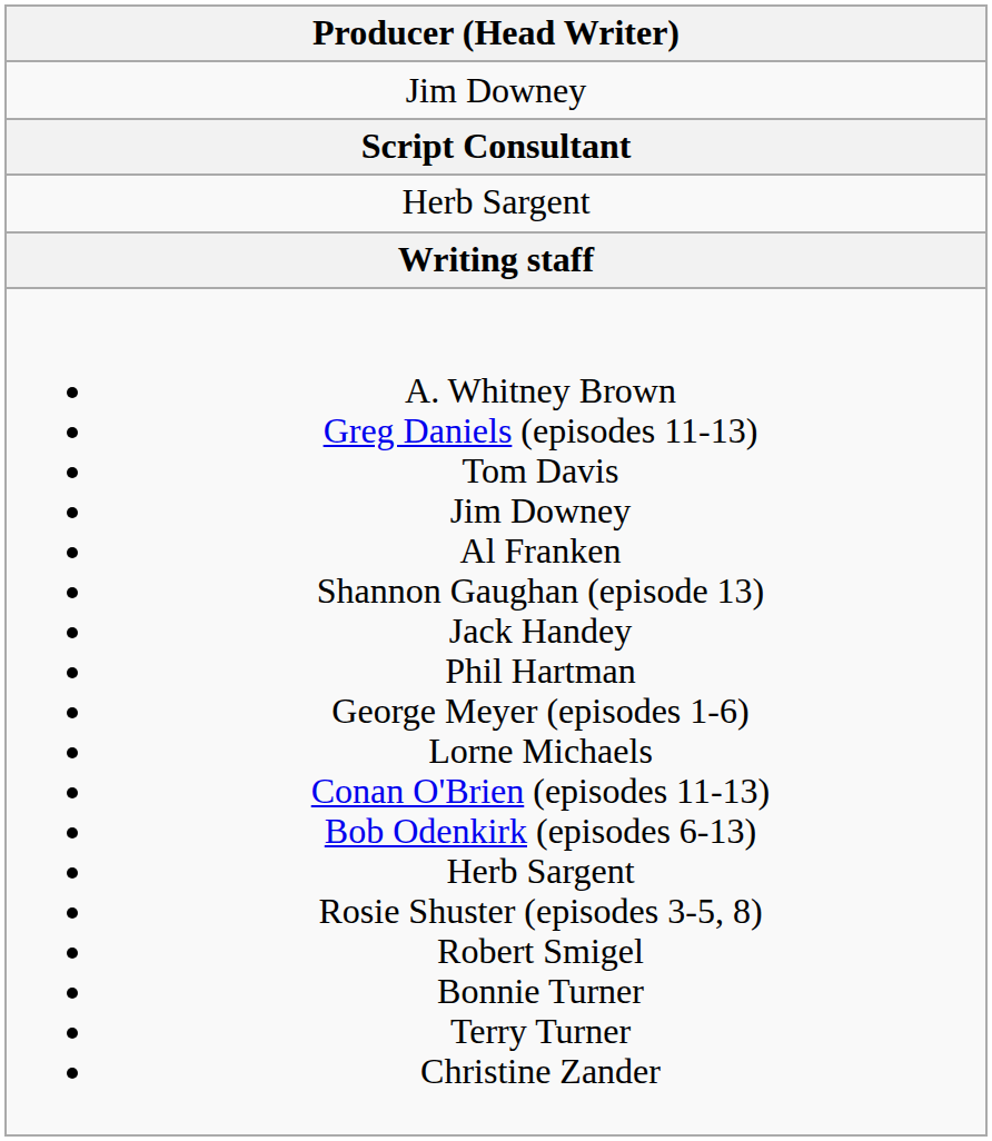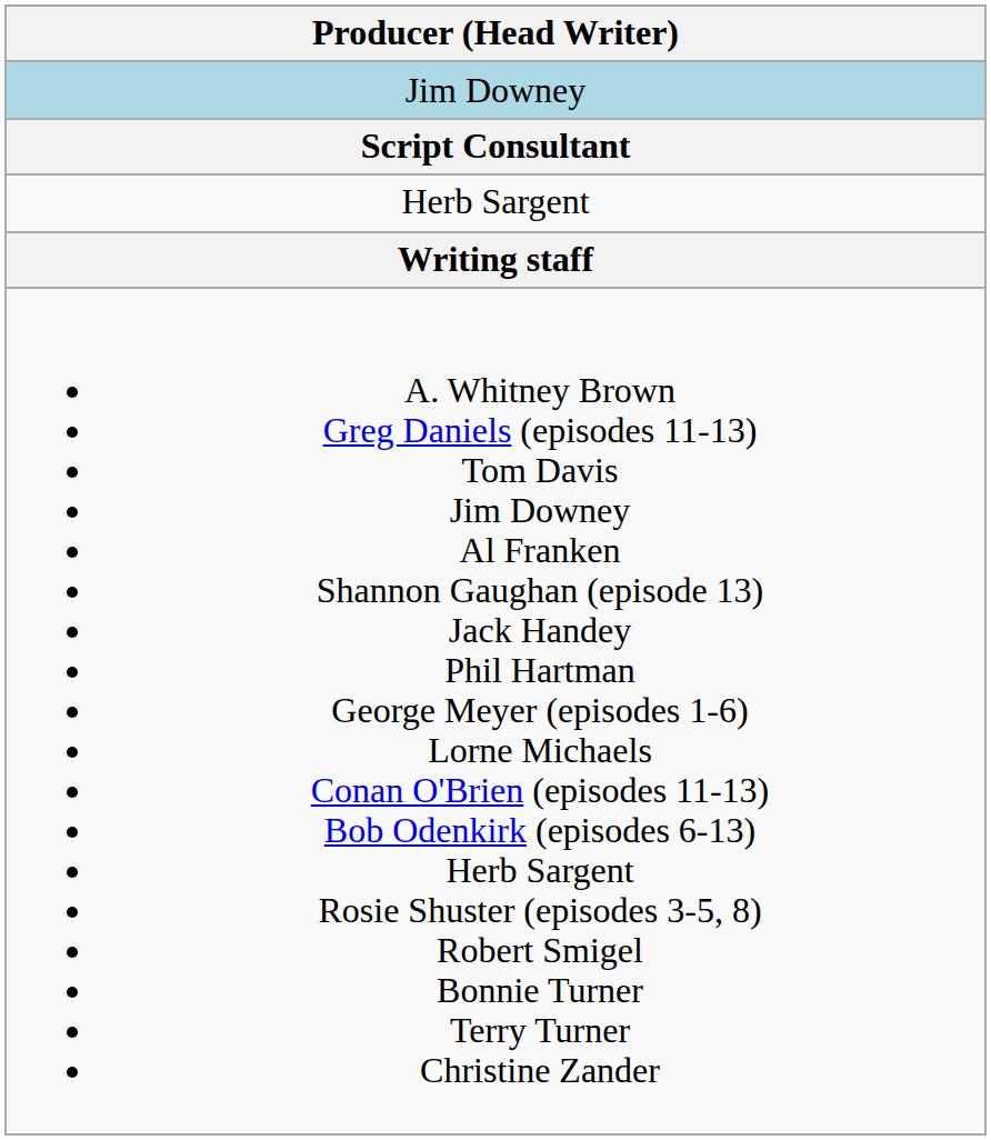 <table class="wikitable plainrowheaders"  style="text-align:center; width:50%;">
 <tr>
 <th><strong>Producer (Head Writer)</strong></th>
 </tr>
 <tr>
-<td>Jim Downey</td>
+<td style="background: lightblue;">Jim Downey</td>
 </tr>
 <tr>
 <th><strong>Script Consultant</strong></th>
 </tr>
 <tr>
 <td>Herb Sargent</td>
 </tr>
 <tr>
 <th><strong>Writing staff</strong></th>
 </tr>
 <tr>
 <td><br><ul><li>A. Whitney Brown</li><li><a href='#'>Greg Daniels</a> (episodes 11-13)</li><li>Tom Davis</li><li>Jim Downey</li><li>Al Franken</li><li>Shannon Gaughan (episode 13)</li><li>Jack Handey</li><li>Phil Hartman</li><li>George Meyer (episodes 1-6)</li><li>Lorne Michaels</li><li><a href='#'>Conan O'Brien</a> (episodes 11-13)</li><li><a href='#'>Bob Odenkirk</a> (episodes 6-13)</li><li>Herb Sargent</li><li>Rosie Shuster (episodes 3-5, 8)</li><li>Robert Smigel</li><li>Bonnie Turner</li><li>Terry Turner</li><li>Christine Zander</li></ul></td>
 </tr>
 </table>
